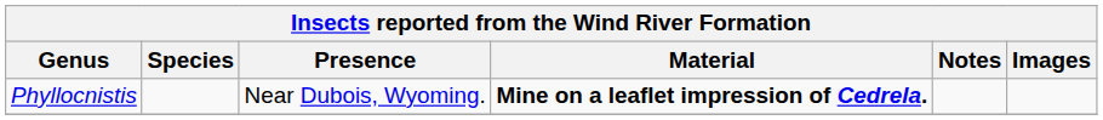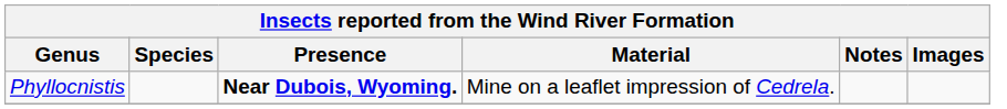 <table class="wikitable" align="center">
 <tr>
 <th colspan="6" align="center"><strong><a href='#'>Insects</a> reported from the Wind River Formation</strong></th>
 </tr>
 <tr>
 <th>Genus</th>
 <th>Species</th>
 <th>Presence</th>
 <th><strong>Material</strong></th>
 <th>Notes</th>
 <th>Images</th>
 </tr>
 <tr>
 <td><em><a href='#'>Phyllocnistis</a></em></td>
 <td></td>
-<td>Near <a href='#'>Dubois, Wyoming</a>.</td>
-<td><strong>Mine on a leaflet impression of <em><a href='#'>Cedrela</a></em>.</strong></td>
+<td><strong>Near <a href='#'>Dubois, Wyoming</a>.</strong></td>
+<td>Mine on a leaflet impression of <em><a href='#'>Cedrela</a></em>.</td>
 <td></td>
 <td></td>
 </tr>
 <tr>
 </tr>
 </table>
